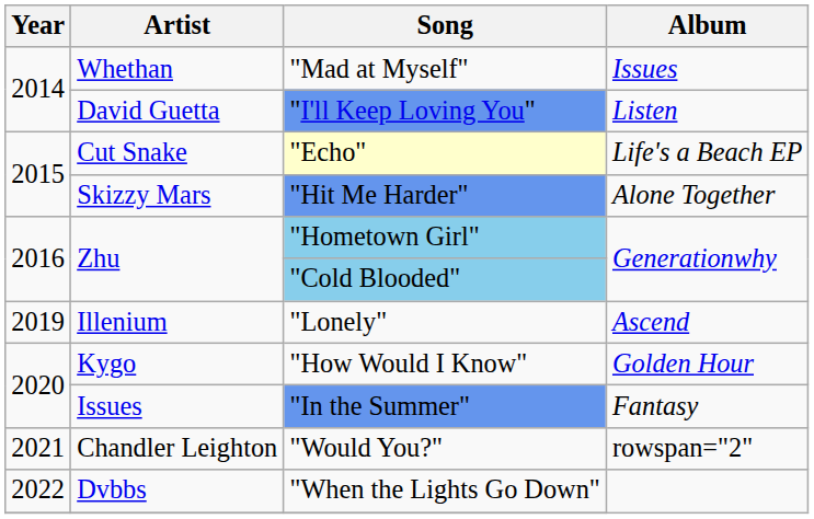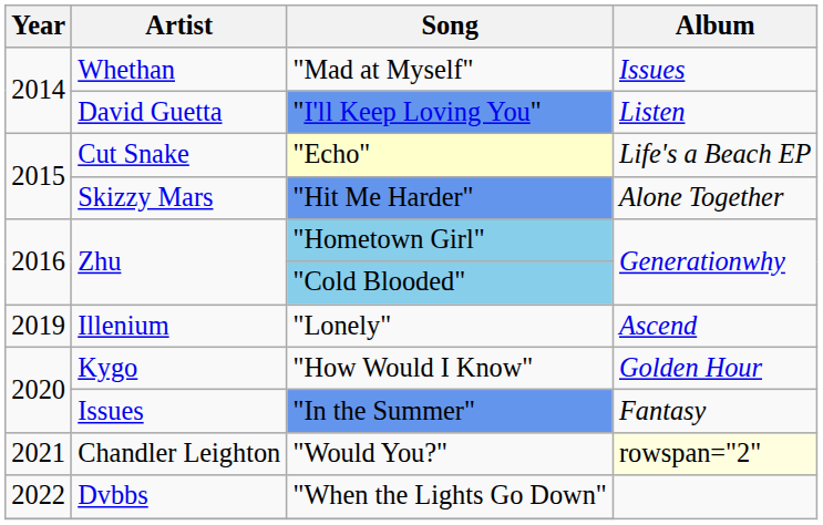 <table class="wikitable">
 <tr>
 <th>Year</th>
 <th>Artist</th>
 <th>Song</th>
 <th>Album</th>
 </tr>
 <tr>
 <td rowspan="2">2014</td>
 <td><a href='#'>Whethan</a></td>
 <td>"Mad at Myself"</td>
 <td><em><a href='#'>Issues</a></em></td>
 </tr>
 <tr>
 <td><a href='#'>David Guetta</a></td>
 <td style="background:#6495ed">"<a href='#'>I'll Keep Loving You</a>" </td>
 <td><em><a href='#'>Listen</a></em></td>
 </tr>
 <tr>
 <td rowspan="2">2015</td>
 <td><a href='#'>Cut Snake</a></td>
 <td style="background:#ffffcc">"Echo"</td>
 <td><em>Life's a Beach EP</em></td>
 </tr>
 <tr>
 <td><a href='#'>Skizzy Mars</a></td>
 <td style="background:#6495ed">"Hit Me Harder" </td>
 <td><em>Alone Together</em></td>
 </tr>
 <tr>
 <td rowspan="2">2016</td>
 <td rowspan="2"><a href='#'>Zhu</a></td>
 <td style="background:#87ceeb">"Hometown Girl"</td>
 <td rowspan="2"><em><a href='#'>Generationwhy</a></em></td>
 </tr>
 <tr>
 <td style="background:#87ceeb">"Cold Blooded"</td>
 </tr>
 <tr>
 <td>2019</td>
 <td><a href='#'>Illenium</a></td>
 <td>"Lonely" </td>
 <td><em><a href='#'>Ascend</a></em></td>
 </tr>
 <tr>
 <td rowspan="2">2020</td>
 <td><a href='#'>Kygo</a></td>
 <td>"How Would I Know" </td>
 <td><em><a href='#'>Golden Hour</a></em></td>
 </tr>
 <tr>
 <td><a href='#'>Issues</a></td>
 <td style="background:#6495ed">"In the Summer" </td>
 <td><em>Fantasy</em></td>
 </tr>
 <tr>
 <td>2021</td>
 <td>Chandler Leighton</td>
 <td>"Would You?"</td>
-<td>rowspan="2" </td>
+<td style="background: lightyellow;">rowspan="2" </td>
 </tr>
 <tr>
 <td>2022</td>
 <td><a href='#'>Dvbbs</a></td>
 <td>"When the Lights Go Down" </td>
 </tr>
 <tr>
 </tr>
 </table>
